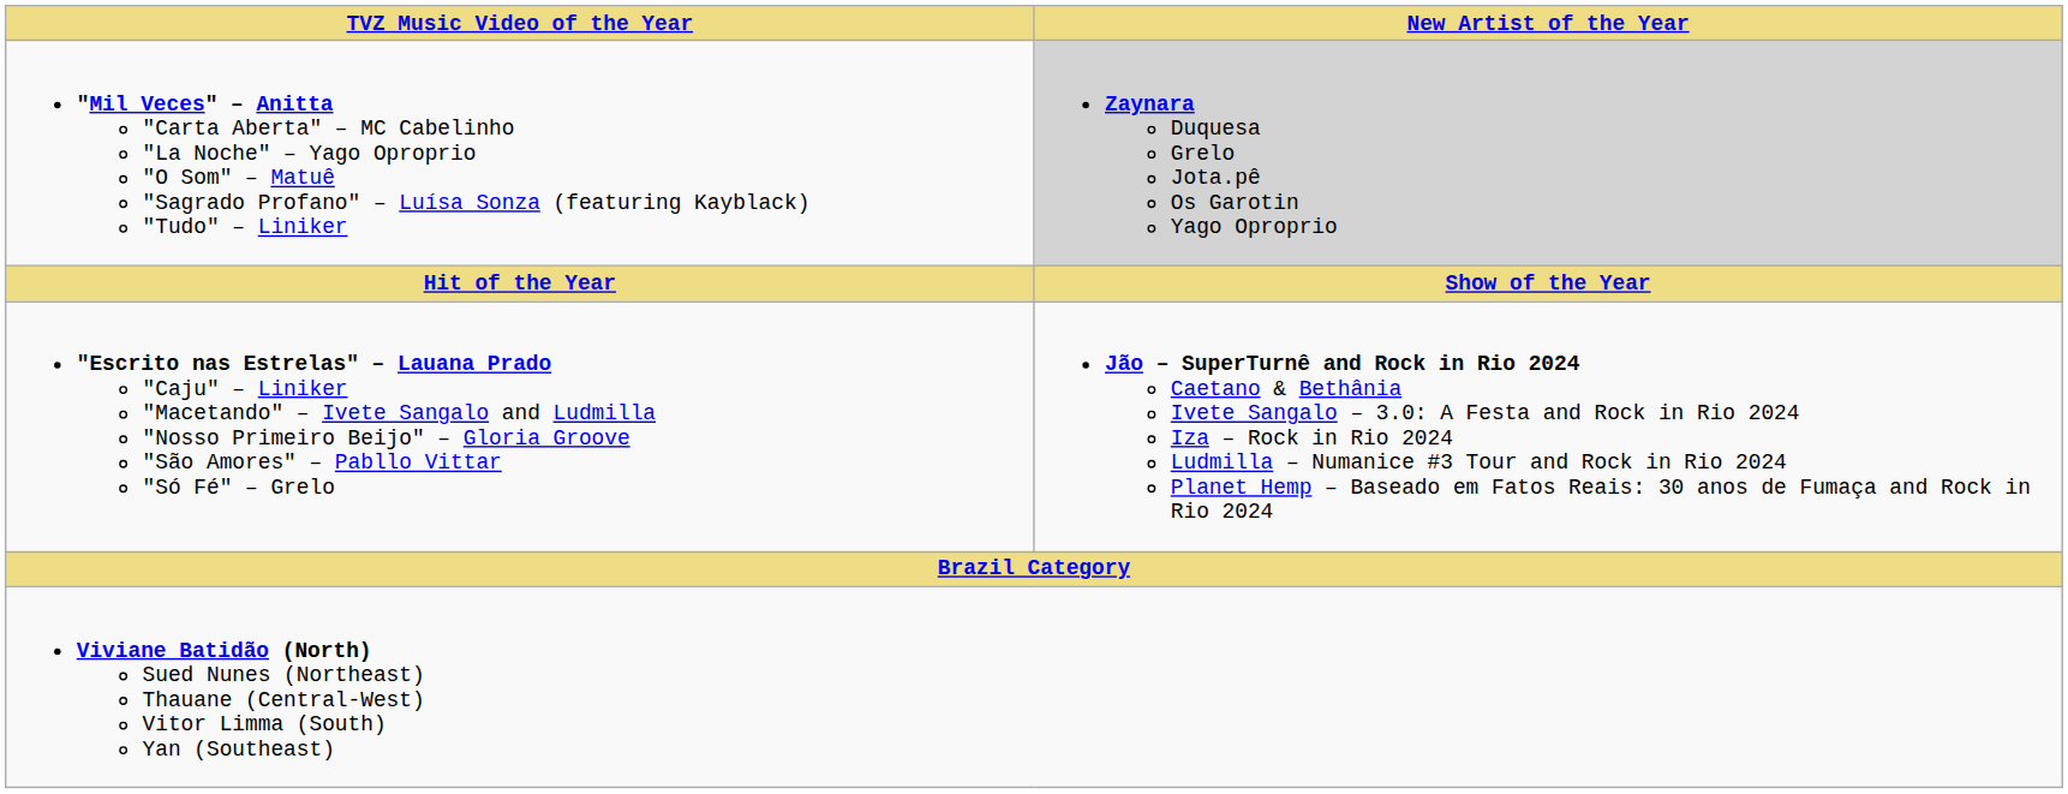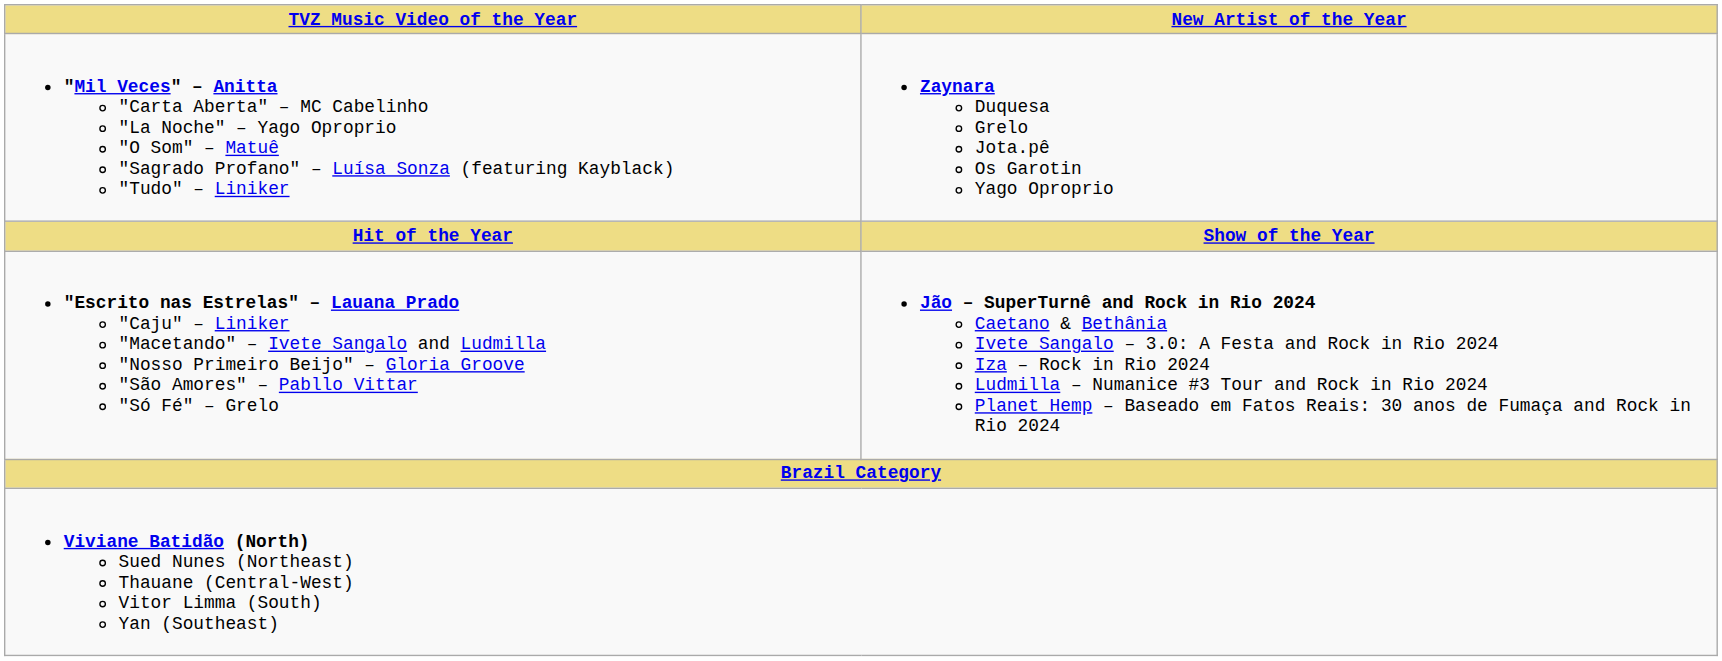 <table class="wikitable" style="width=">
 <tr>
 <th style="background:#EEDD85; width:50%"><a href='#'>TVZ Music Video of the Year</a></th>
 <th style="background:#EEDD85; width:50%"><a href='#'>New Artist of the Year</a></th>
 </tr>
 <tr>
 <td style="vertical-align:top"><br><ul><li><strong>"<a href='#'>Mil Veces</a>" – <a href='#'>Anitta</a></strong><ul><li>"Carta Aberta" – MC Cabelinho</li><li>"La Noche" – Yago Oproprio</li><li>"O Som" – <a href='#'>Matuê</a></li><li>"Sagrado Profano" – <a href='#'>Luísa Sonza</a> (featuring Kayblack)</li><li>"Tudo" – <a href='#'>Liniker</a></li></ul></li></ul></td>
-<td style="background: lightgrey; vertical-align:top"><br><ul><li><strong><a href='#'>Zaynara</a></strong><ul><li>Duquesa</li><li>Grelo</li><li>Jota.pê</li><li>Os Garotin</li><li>Yago Oproprio</li></ul></li></ul></td>
+<td style="vertical-align:top"><br><ul><li><strong><a href='#'>Zaynara</a></strong><ul><li>Duquesa</li><li>Grelo</li><li>Jota.pê</li><li>Os Garotin</li><li>Yago Oproprio</li></ul></li></ul></td>
 </tr>
 <tr>
 <th style="background:#EEDD85; width:50%"><a href='#'>Hit of the Year</a></th>
 <th style="background:#EEDD85; width:50%"><a href='#'>Show of the Year</a></th>
 </tr>
 <tr>
 <td style="vertical-align:top"><br><ul><li><strong>"Escrito nas Estrelas" – <a href='#'>Lauana Prado</a></strong><ul><li>"Caju" – <a href='#'>Liniker</a></li><li>"Macetando" – <a href='#'>Ivete Sangalo</a> and <a href='#'>Ludmilla</a></li><li>"Nosso Primeiro Beijo" – <a href='#'>Gloria Groove</a></li><li>"São Amores" – <a href='#'>Pabllo Vittar</a></li><li>"Só Fé" – Grelo</li></ul></li></ul></td>
 <td style="vertical-align:top"><br><ul><li><strong><a href='#'>Jão</a> – SuperTurnê and Rock in Rio 2024</strong><ul><li><a href='#'>Caetano</a> & <a href='#'>Bethânia</a></li><li><a href='#'>Ivete Sangalo</a> – 3.0: A Festa and Rock in Rio 2024</li><li><a href='#'>Iza</a> – Rock in Rio 2024</li><li><a href='#'>Ludmilla</a> – Numanice #3 Tour and Rock in Rio 2024</li><li><a href='#'>Planet Hemp</a> – Baseado em Fatos Reais: 30 anos de Fumaça and Rock in Rio 2024</li></ul></li></ul></td>
 </tr>
 <tr>
 <th colspan="2" style="background:#EEDD85; width:50%"><a href='#'>Brazil Category</a></th>
 </tr>
 <tr>
 <td colspan="2" style="vertical-align:top"><br><ul><li><strong><a href='#'>Viviane Batidão</a> (North)</strong><ul><li>Sued Nunes (Northeast)</li><li>Thauane (Central-West)</li><li>Vitor Limma (South)</li><li>Yan (Southeast)</li></ul></li></ul></td>
 </tr>
 </table>
